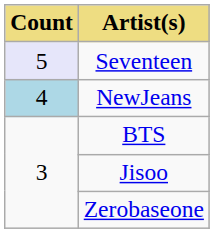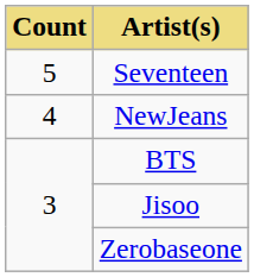 <table class="wikitable" style="text-align:center">
 <tr>
 <th scope="col" style="background-color:#EEDD82">Count</th>
 <th scope="col" style="background-color:#EEDD82">Artist(s)</th>
 </tr>
 <tr>
-<td style="background: lavender;">5</td>
+<td>5</td>
 <td><a href='#'>Seventeen</a></td>
 </tr>
 <tr>
-<td style="background: lightblue;">4</td>
+<td>4</td>
 <td><a href='#'>NewJeans</a></td>
 </tr>
 <tr>
 <td rowspan="3">3</td>
 <td><a href='#'>BTS</a></td>
 </tr>
 <tr>
 <td><a href='#'>Jisoo</a></td>
 </tr>
 <tr>
 <td><a href='#'>Zerobaseone</a></td>
 </tr>
 </table>
